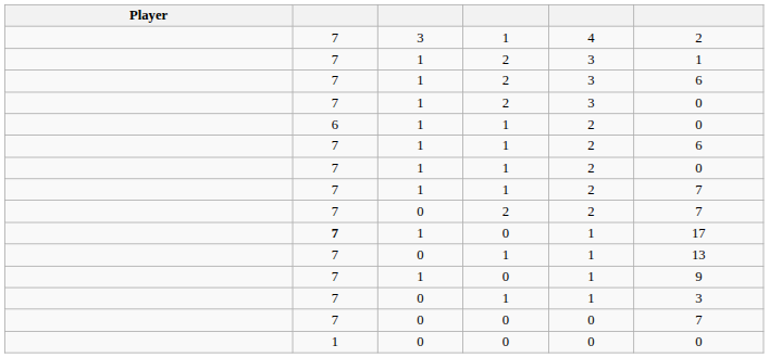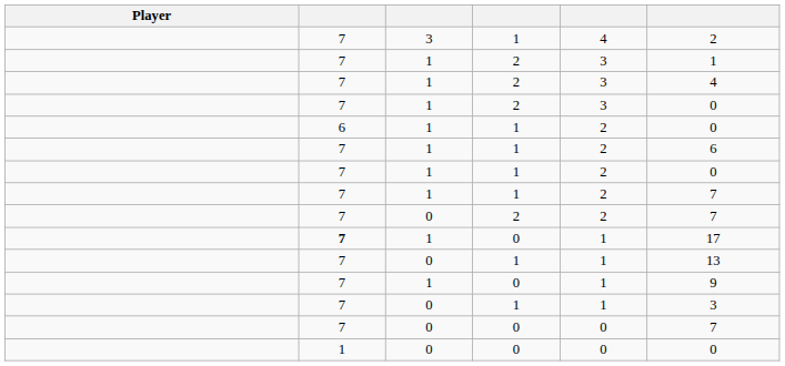 <table class="wikitable sortable" style="width:100%;">
 <tr align=center>
 <th>Player</th>
 <th></th>
 <th></th>
 <th></th>
 <th></th>
 <th></th>
 </tr>
 <tr align=center>
 <td></td>
 <td>7</td>
 <td>3</td>
 <td>1</td>
 <td>4</td>
 <td>2</td>
 </tr>
 <tr align=center>
 <td></td>
 <td>7</td>
 <td>1</td>
 <td>2</td>
 <td>3</td>
 <td>1</td>
 </tr>
 <tr align=center>
 <td></td>
 <td>7</td>
 <td>1</td>
 <td>2</td>
 <td>3</td>
-<td>6</td>
+<td>4</td>
 </tr>
 <tr align=center>
 <td></td>
 <td>7</td>
 <td>1</td>
 <td>2</td>
 <td>3</td>
 <td>0</td>
 </tr>
 <tr align=center>
 <td></td>
 <td>6</td>
 <td>1</td>
 <td>1</td>
 <td>2</td>
 <td>0</td>
 </tr>
 <tr align=center>
 <td></td>
 <td>7</td>
 <td>1</td>
 <td>1</td>
 <td>2</td>
 <td>6</td>
 </tr>
 <tr align=center>
 <td></td>
 <td>7</td>
 <td>1</td>
 <td>1</td>
 <td>2</td>
 <td>0</td>
 </tr>
 <tr align=center>
 <td></td>
 <td>7</td>
 <td>1</td>
 <td>1</td>
 <td>2</td>
 <td>7</td>
 </tr>
 <tr align=center>
 <td></td>
 <td>7</td>
 <td>0</td>
 <td>2</td>
 <td>2</td>
 <td>7</td>
 </tr>
 <tr align=center>
 <td></td>
 <td><strong>7</strong></td>
 <td>1</td>
 <td>0</td>
 <td>1</td>
 <td>17</td>
 </tr>
 <tr align=center>
 <td></td>
 <td>7</td>
 <td>0</td>
 <td>1</td>
 <td>1</td>
 <td>13</td>
 </tr>
 <tr align=center>
 <td></td>
 <td>7</td>
 <td>1</td>
 <td>0</td>
 <td>1</td>
 <td>9</td>
 </tr>
 <tr align=center>
 <td></td>
 <td>7</td>
 <td>0</td>
 <td>1</td>
 <td>1</td>
 <td>3</td>
 </tr>
 <tr align=center>
 <td></td>
 <td>7</td>
 <td>0</td>
 <td>0</td>
 <td>0</td>
 <td>7</td>
 </tr>
 <tr align=center>
 <td></td>
 <td>1</td>
 <td>0</td>
 <td>0</td>
 <td>0</td>
 <td>0</td>
 </tr>
 </table>
